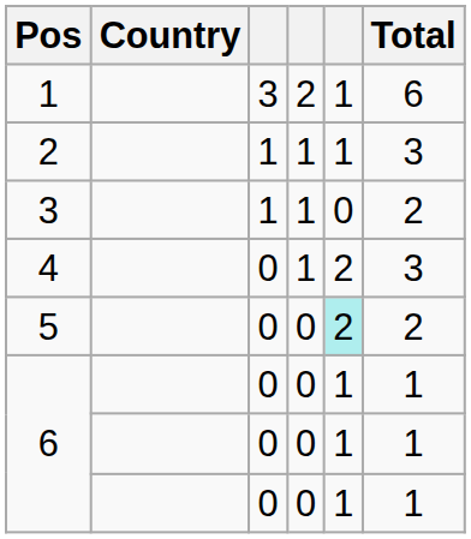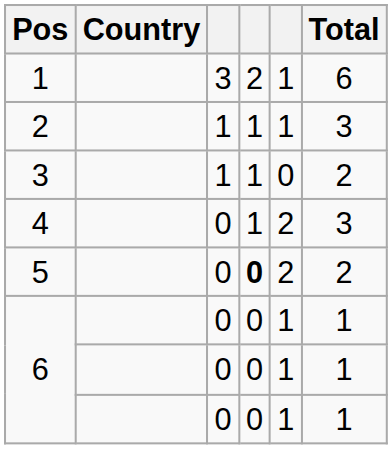 <table class=wikitable style="font-size:95%; text-align: center">
 <tr>
 <th>Pos</th>
 <th>Country</th>
 <th></th>
 <th></th>
 <th></th>
 <th>Total</th>
 </tr>
 <tr>
 <td>1</td>
 <td style="text-align:left"></td>
 <td>3</td>
 <td>2</td>
 <td>1</td>
 <td>6</td>
 </tr>
 <tr>
 <td>2</td>
 <td style="text-align:left"></td>
 <td>1</td>
 <td>1</td>
 <td>1</td>
 <td>3</td>
 </tr>
 <tr>
 <td>3</td>
 <td style="text-align:left"></td>
 <td>1</td>
 <td>1</td>
 <td>0</td>
 <td>2</td>
 </tr>
 <tr>
 <td>4</td>
 <td style="text-align:left"></td>
 <td>0</td>
 <td>1</td>
 <td>2</td>
 <td>3</td>
 </tr>
 <tr>
 <td>5</td>
 <td style="text-align:left"></td>
 <td>0</td>
-<td>0</td>
-<td style="background: paleturquoise;">2</td>
+<td><strong>0</strong></td>
+<td>2</td>
 <td>2</td>
 </tr>
 <tr>
 <td rowspan=5>6</td>
 <td style=text-align:left></td>
 <td>0</td>
 <td>0</td>
 <td>1</td>
 <td>1</td>
 </tr>
 <tr>
 <td style=text-align:left></td>
 <td>0</td>
 <td>0</td>
 <td>1</td>
 <td>1</td>
 </tr>
 <tr>
 <td style=text-align:left></td>
 <td>0</td>
 <td>0</td>
 <td>1</td>
 <td>1</td>
 </tr>
 </table>
